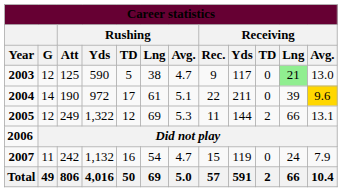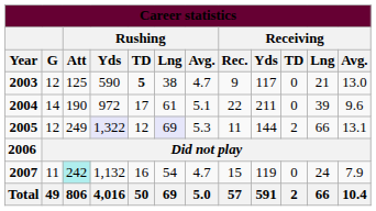 <table class="wikitable">
 <tr bgcolor="#660033">
 <td colspan="12" align="center"><span><strong>Career statistics</strong></span></td>
 </tr>
 <tr>
 <th colspan="2" align="center"></th>
 <th colspan="5" align="center"><strong>Rushing</strong></th>
 <th colspan="5" align="center"><strong>Receiving</strong></th>
 </tr>
 <tr align="center">
 <th>Year</th>
 <th>G</th>
 <th>Att</th>
 <th>Yds</th>
 <th>TD</th>
 <th>Lng</th>
 <th>Avg.</th>
 <th>Rec.</th>
 <th>Yds</th>
 <th>TD</th>
 <th>Lng</th>
 <th>Avg.</th>
 </tr>
 <tr align="center">
 <td><strong>2003</strong></td>
 <td>12</td>
 <td>125</td>
 <td>590</td>
-<td>5</td>
+<td><strong>5</strong></td>
 <td>38</td>
 <td>4.7</td>
 <td>9</td>
 <td>117</td>
 <td>0</td>
-<td style="background: lightgreen;">21</td>
+<td>21</td>
 <td>13.0</td>
 </tr>
 <tr align="center">
 <td><strong>2004</strong></td>
 <td>14</td>
 <td>190</td>
 <td>972</td>
 <td>17</td>
 <td>61</td>
 <td>5.1</td>
 <td>22</td>
 <td>211</td>
 <td>0</td>
 <td>39</td>
-<td style="background: gold;">9.6</td>
+<td>9.6</td>
 </tr>
 <tr align="center">
 <td><strong>2005</strong></td>
 <td>12</td>
 <td>249</td>
-<td>1,322</td>
+<td style="background: lavender;">1,322</td>
 <td>12</td>
-<td>69</td>
+<td style="background: lavender;">69</td>
 <td>5.3</td>
 <td>11</td>
 <td>144</td>
 <td>2</td>
 <td>66</td>
 <td>13.1</td>
 </tr>
 <tr>
 <td><strong>2006 </strong></td>
 <th colspan="12" align="center"><em>Did not play</em></th>
 </tr>
 <tr align="center">
 <td><strong>2007</strong></td>
 <td>11</td>
-<td>242</td>
+<td style="background: paleturquoise;">242</td>
 <td>1,132</td>
 <td>16</td>
 <td>54</td>
 <td>4.7</td>
 <td>15</td>
 <td>119</td>
 <td>0</td>
 <td>24</td>
 <td>7.9</td>
 </tr>
 <tr align="center">
 <th><strong>Total</strong></th>
 <th>49</th>
 <th>806</th>
 <th>4,016</th>
 <th>50</th>
 <th>69</th>
 <th>5.0</th>
 <th>57</th>
 <th>591</th>
 <th>2</th>
 <th>66</th>
 <th>10.4</th>
 </tr>
 </table>
